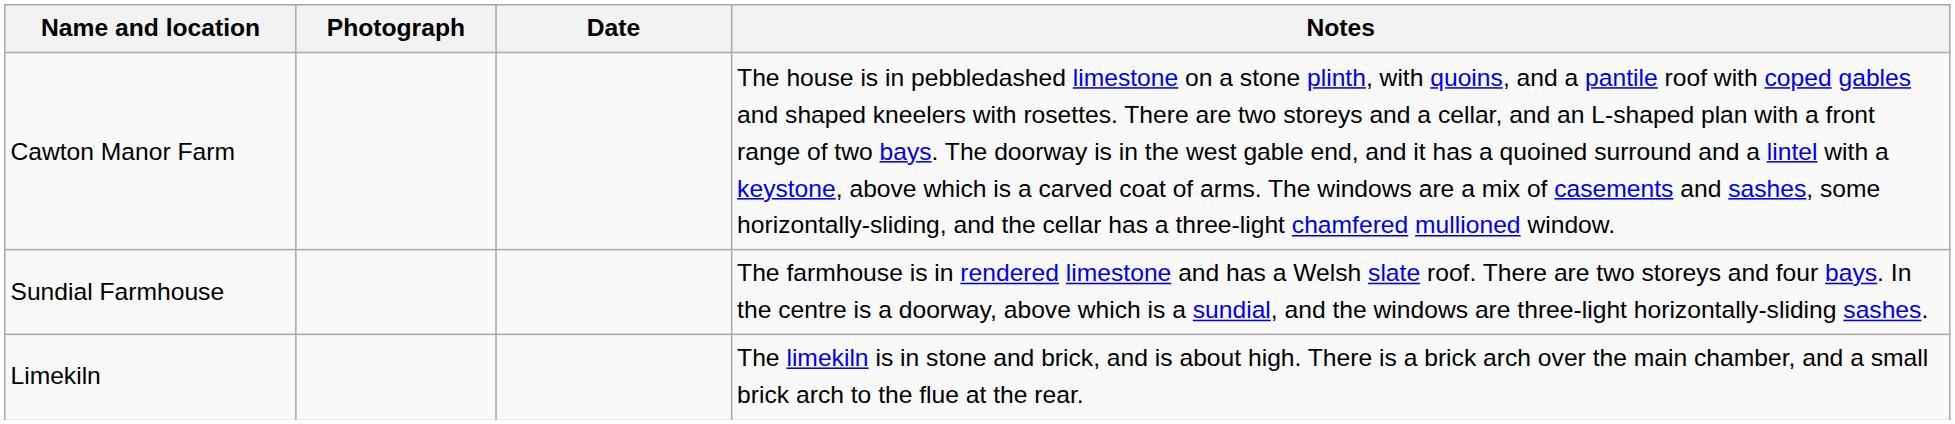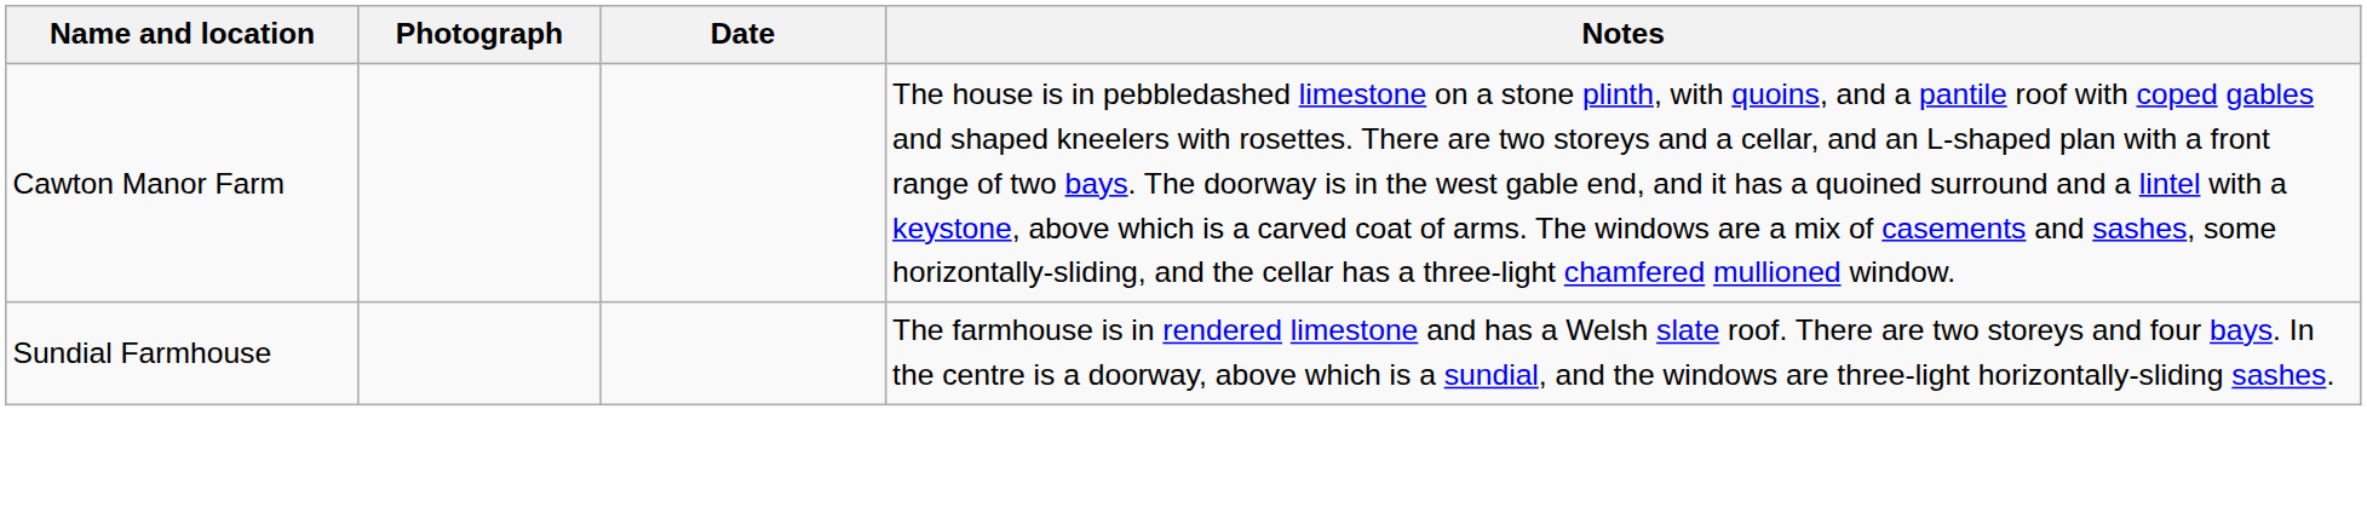 <table class="wikitable sortable plainrowheaders" style="width:100%;border:0px;text-align:left;line-height:150%;">
 <tr>
 <th scope="col"  style="width:150px">Name and location</th>
 <th scope="col"  style="width:100px" class="unsortable">Photograph</th>
 <th scope="col"  style="width:120px">Date</th>
 <th scope="col"  style="width:650px" class="unsortable">Notes</th>
 </tr>
 <tr>
 <td>Cawton Manor Farm<br><small></small></td>
 <td></td>
 <td align="center"></td>
 <td>The house is in pebbledashed <a href='#'>limestone</a> on a stone <a href='#'>plinth</a>, with <a href='#'>quoins</a>, and a <a href='#'>pantile</a> roof with <a href='#'>coped</a> <a href='#'>gables</a> and shaped kneelers with rosettes.  There are two storeys and a cellar, and an L-shaped plan with a front range of two <a href='#'>bays</a>.  The doorway is in the west gable end, and it has a quoined surround and a <a href='#'>lintel</a> with a <a href='#'>keystone</a>, above which is a carved coat of arms.  The windows are a mix of <a href='#'>casements</a> and <a href='#'>sashes</a>, some horizontally-sliding, and the cellar has a three-light <a href='#'>chamfered</a> <a href='#'>mullioned</a> window.</td>
 </tr>
 <tr>
 <td>Sundial Farmhouse<br><small></small></td>
 <td></td>
 <td align="center"></td>
 <td>The farmhouse is in <a href='#'>rendered</a> <a href='#'>limestone</a> and has a Welsh <a href='#'>slate</a> roof.  There are two storeys and four <a href='#'>bays</a>.  In the centre is a doorway, above which is a <a href='#'>sundial</a>, and the windows are three-light horizontally-sliding <a href='#'>sashes</a>.</td>
 </tr>
 <tr>
-<td>Limekiln<br><small></small></td>
-<td></td>
-<td align="center"></td>
-<td>The <a href='#'>limekiln</a> is in stone and brick, and is about  high.  There is a brick arch over the main chamber, and a small brick arch to the flue at the rear.</td>
-</tr>
-<tr>
 </tr>
 </table>
